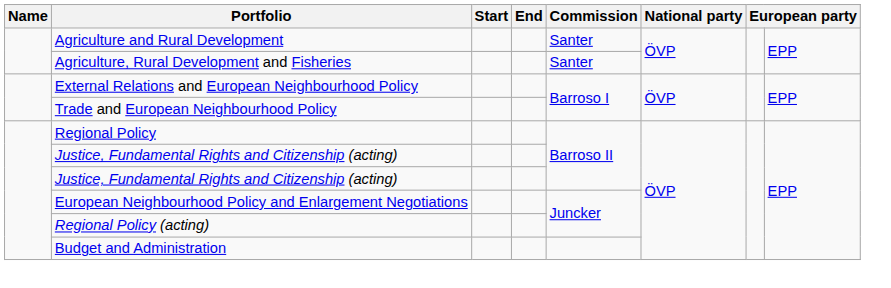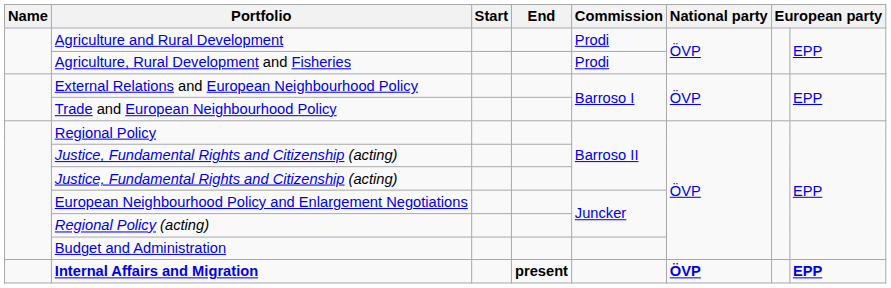 <table class="wikitable sortable" style="font-size: 90%;">
 <tr>
 <th>Name</th>
 <th>Portfolio</th>
 <th>Start</th>
 <th>End</th>
 <th>Commission</th>
 <th>National party</th>
 <th colspan=2>European party</th>
 </tr>
 <tr>
 <td rowspan=2></td>
 <td><a href='#'>Agriculture and Rural Development</a></td>
 <td></td>
 <td></td>
-<td><a href='#'>Santer</a></td>
+<td><a href='#'>Prodi</a></td>
 <td rowspan=2><a href='#'>ÖVP</a></td>
 <td rowspan=2 style="background:"></td>
 <td rowspan=2><a href='#'>EPP</a></td>
 </tr>
 <tr>
 <td><a href='#'>Agriculture, Rural Development</a> and <a href='#'>Fisheries</a></td>
 <td></td>
 <td></td>
-<td><a href='#'>Santer</a></td>
+<td><a href='#'>Prodi</a></td>
 </tr>
 <tr>
 <td rowspan=2></td>
 <td><a href='#'>External Relations</a> and <a href='#'>European Neighbourhood Policy</a></td>
 <td></td>
 <td></td>
 <td rowspan=2><a href='#'>Barroso I</a></td>
 <td rowspan=2><a href='#'>ÖVP</a></td>
 <td rowspan=2 style="background:"></td>
 <td rowspan=2><a href='#'>EPP</a></td>
 </tr>
 <tr>
 <td><a href='#'>Trade</a>  and <a href='#'>European Neighbourhood Policy</a></td>
 <td></td>
 <td></td>
 </tr>
 <tr>
 <td rowspan=6></td>
 <td><a href='#'>Regional Policy</a></td>
 <td></td>
 <td></td>
 <td rowspan=3><a href='#'>Barroso II</a></td>
 <td rowspan=6><a href='#'>ÖVP</a></td>
 <td rowspan=6 style="background:"></td>
 <td rowspan=6><a href='#'>EPP</a></td>
 </tr>
 <tr>
 <td><em><a href='#'>Justice, Fundamental Rights and Citizenship</a> (acting)</em></td>
 <td><em></em></td>
 <td><em></em></td>
 </tr>
 <tr>
 <td><em><a href='#'>Justice, Fundamental Rights and Citizenship</a> (acting)</em></td>
 <td><em></em></td>
 <td><em></em></td>
 </tr>
 <tr>
 <td><a href='#'>European Neighbourhood Policy and Enlargement Negotiations</a></td>
 <td></td>
 <td></td>
 <td rowspan=2><a href='#'>Juncker</a></td>
 </tr>
 <tr>
 <td><em><a href='#'>Regional Policy</a> (acting)</em></td>
 <td><em></em></td>
 <td><em></em></td>
 </tr>
 <tr>
 <td><a href='#'>Budget and Administration</a></td>
 <td></td>
 <td></td>
 <td></td>
 </tr>
+<tr>
+<td><strong></strong></td>
+<td><strong><a href='#'>Internal Affairs and Migration</a></strong></td>
+<td><strong></strong></td>
+<td><strong>present</strong></td>
+<td><strong></strong></td>
+<td><strong><a href='#'>ÖVP</a></strong></td>
+<td style="background:"></td>
+<td><strong><a href='#'>EPP</a></strong></td>
+</tr>
 </table>
